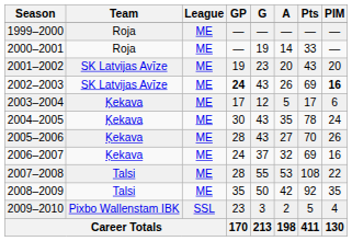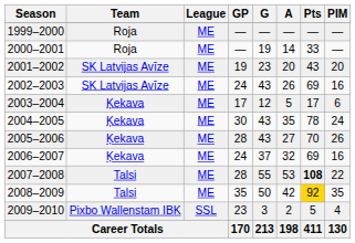 <table class="wikitable" style="text-align:center">
 <tr>
 <th>Season</th>
 <th>Team</th>
 <th>League</th>
 <th>GP</th>
 <th>G</th>
 <th>A</th>
 <th>Pts</th>
 <th>PIM</th>
 </tr>
 <tr>
 </tr>
 <tr style="background-color:#f0f0f0;">
 <td>1999–2000</td>
 <td>Roja</td>
 <td><a href='#'>ME</a></td>
 <td>—</td>
 <td>—</td>
 <td>—</td>
 <td>—</td>
 <td>—</td>
 </tr>
 <tr>
 <td>2000–2001</td>
 <td>Roja</td>
 <td><a href='#'>ME</a></td>
 <td>—</td>
 <td>19</td>
 <td>14</td>
 <td>33</td>
 <td>—</td>
 </tr>
 <tr style="background-color:#f0f0f0;">
 <td>2001–2002</td>
 <td><a href='#'>SK Latvijas Avīze</a></td>
 <td><a href='#'>ME</a></td>
 <td>19</td>
 <td>23</td>
 <td>20</td>
 <td>43</td>
 <td>20</td>
 </tr>
 <tr>
 <td>2002–2003</td>
 <td><a href='#'>SK Latvijas Avīze</a></td>
 <td><a href='#'>ME</a></td>
-<td><strong>24</strong></td>
+<td>24</td>
 <td>43</td>
 <td>26</td>
 <td>69</td>
-<td><strong>16</strong></td>
+<td>16</td>
 </tr>
 <tr style="background-color:#f0f0f0;">
 <td>2003–2004</td>
 <td><a href='#'>Ķekava</a></td>
 <td><a href='#'>ME</a></td>
 <td>17</td>
 <td>12</td>
 <td>5</td>
 <td>17</td>
 <td>6</td>
 </tr>
 <tr>
 <td>2004–2005</td>
 <td><a href='#'>Ķekava</a></td>
 <td><a href='#'>ME</a></td>
 <td>30</td>
 <td>43</td>
 <td>35</td>
 <td>78</td>
 <td>24</td>
 </tr>
 <tr style="background-color:#f0f0f0;">
 <td>2005–2006</td>
 <td><a href='#'>Ķekava</a></td>
 <td><a href='#'>ME</a></td>
 <td>28</td>
 <td>43</td>
 <td>27</td>
 <td>70</td>
 <td>26</td>
 </tr>
 <tr>
 <td>2006–2007</td>
 <td><a href='#'>Ķekava</a></td>
 <td><a href='#'>ME</a></td>
 <td>24</td>
 <td>37</td>
 <td>32</td>
 <td>69</td>
 <td>16</td>
 </tr>
 <tr style="background-color:#f0f0f0;">
 <td>2007–2008</td>
 <td><a href='#'>Talsi</a></td>
 <td><a href='#'>ME</a></td>
 <td>28</td>
 <td>55</td>
 <td>53</td>
-<td>108</td>
+<td><strong>108</strong></td>
 <td>22</td>
 </tr>
 <tr>
 <td>2008–2009</td>
 <td><a href='#'>Talsi</a></td>
 <td><a href='#'>ME</a></td>
 <td>35</td>
 <td>50</td>
 <td>42</td>
-<td>92</td>
+<td style="background: gold;">92</td>
 <td>35</td>
 </tr>
 <tr style="background-color:#f0f0f0;">
 <td>2009–2010</td>
 <td><a href='#'>Pixbo Wallenstam IBK</a></td>
 <td><a href='#'>SSL</a></td>
 <td>23</td>
 <td>3</td>
 <td>2</td>
 <td>5</td>
 <td>4</td>
 </tr>
 <tr style="background-color:#e0e0e0;">
 <th colspan="3" style="text-align:center">       Career Totals</th>
 <th>170</th>
 <th>213</th>
 <th>198</th>
 <th>411</th>
 <th>130</th>
 </tr>
 </table>
